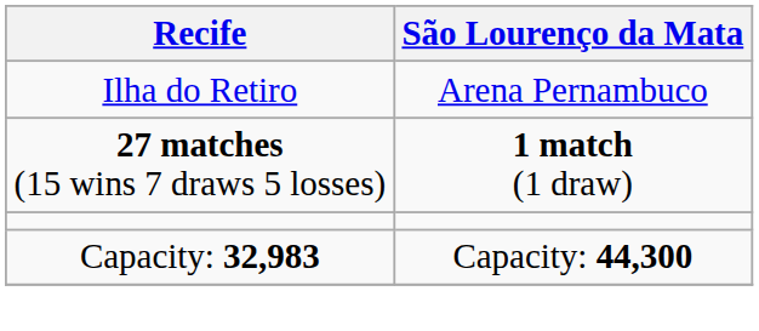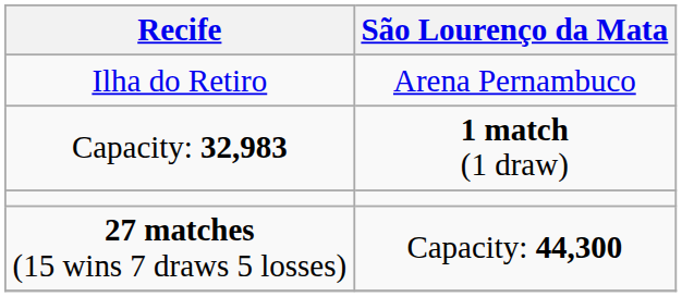 <table class="wikitable" style="text-align:center">
 <tr>
 <th><a href='#'>Recife</a></th>
 <th><a href='#'>São Lourenço da Mata</a></th>
 </tr>
 <tr>
 <td><a href='#'>Ilha do Retiro</a></td>
 <td><a href='#'>Arena Pernambuco</a></td>
 </tr>
 <tr>
-<td><strong>27 matches</strong><br>(15 wins 7 draws 5 losses)</td>
+<td>Capacity: <strong>32,983</strong></td>
 <td><strong>1 match</strong><br>(1  draw)</td>
 </tr>
 <tr>
 <td></td>
 <td></td>
 </tr>
 <tr>
-<td>Capacity: <strong>32,983</strong></td>
+<td><strong>27 matches</strong><br>(15 wins 7 draws 5 losses)</td>
 <td>Capacity: <strong>44,300</strong></td>
 </tr>
 <tr>
 </tr>
 </table>
